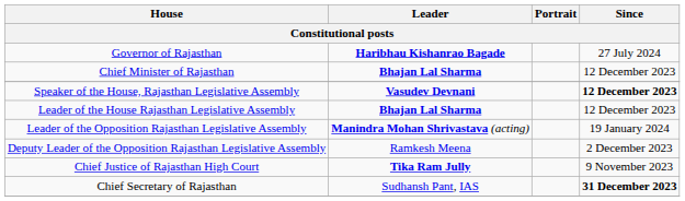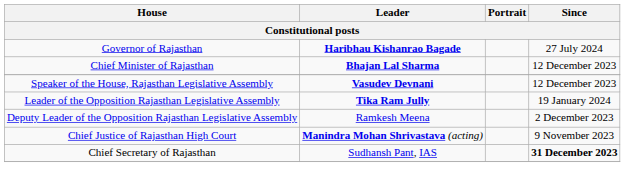 <table class="wikitable" style="text-align:center">
 <tr>
 <th Style="background-color:">House</th>
 <th Style="background-color:">Leader</th>
 <th Style="background-color:">Portrait</th>
 <th Style="background-color:">Since</th>
 </tr>
 <tr>
 <th colspan=4>Constitutional posts</th>
 </tr>
 <tr>
 <td><a href='#'>Governor of Rajasthan</a></td>
 <td><strong><a href='#'>Haribhau Kishanrao Bagade</a></strong></td>
 <td></td>
 <td>27 July 2024</td>
 </tr>
 <tr>
 <td><a href='#'>Chief Minister of Rajasthan</a></td>
 <td><strong><a href='#'>Bhajan Lal Sharma</a></strong></td>
 <td></td>
 <td>12 December 2023</td>
 </tr>
 <tr>
 </tr>
 <tr>
 <td><a href='#'>Speaker of the House, Rajasthan Legislative Assembly</a></td>
 <td><strong><a href='#'>Vasudev Devnani</a></strong></td>
 <td></td>
-<td><strong>12 December 2023</strong></td>
-</tr>
-<tr>
-<td><a href='#'>Leader of the House Rajasthan Legislative Assembly</a></td>
-<td><strong><a href='#'>Bhajan Lal Sharma</a></strong></td>
-<td></td>
 <td>12 December 2023</td>
 </tr>
 <tr>
 <td><a href='#'>Leader of the Opposition Rajasthan Legislative Assembly</a></td>
-<td><strong><a href='#'>Manindra Mohan Shrivastava</a></strong> <em>(acting)</em></td>
+<td><strong><a href='#'>Tika Ram Jully</a></strong></td>
 <td></td>
 <td>19 January 2024</td>
 </tr>
 <tr>
 <td><a href='#'>Deputy Leader of the Opposition Rajasthan Legislative Assembly</a></td>
 <td><a href='#'>Ramkesh Meena</a></td>
 <td></td>
 <td>2 December 2023</td>
 </tr>
 <tr>
 <td><a href='#'>Chief Justice of Rajasthan High Court</a></td>
-<td><strong><a href='#'>Tika Ram Jully</a></strong></td>
+<td><strong><a href='#'>Manindra Mohan Shrivastava</a></strong> <em>(acting)</em></td>
 <td></td>
 <td>9 November 2023</td>
 </tr>
 <tr>
 <td>Chief Secretary of Rajasthan</td>
 <td><a href='#'>Sudhansh Pant</a>, <a href='#'>IAS</a></td>
 <td></td>
 <td><strong>31 December 2023</strong></td>
 </tr>
 <tr>
 </tr>
 </table>
